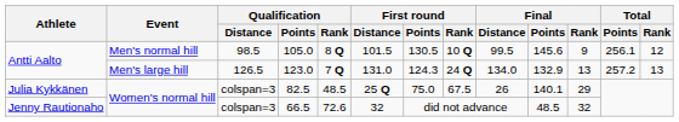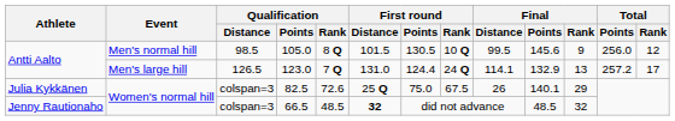 <table class=wikitable style=font-size:90%;text-align:center>
 <tr>
 <th rowspan=2>Athlete</th>
 <th rowspan=2>Event</th>
 <th colspan=3>Qualification</th>
 <th colspan=3>First round</th>
 <th colspan=3>Final</th>
 <th colspan=2>Total</th>
 </tr>
 <tr style=font-size:95%>
 <th>Distance</th>
 <th>Points</th>
 <th>Rank</th>
 <th>Distance</th>
 <th>Points</th>
 <th>Rank</th>
 <th>Distance</th>
 <th>Points</th>
 <th>Rank</th>
 <th>Points</th>
 <th>Rank</th>
 </tr>
 <tr>
 <td align=left rowspan=2><a href='#'>Antti Aalto</a></td>
 <td align=left><a href='#'>Men's normal hill</a></td>
 <td>98.5</td>
 <td>105.0</td>
 <td>8 <strong>Q</strong></td>
 <td>101.5</td>
 <td>130.5</td>
 <td>10 <strong>Q</strong></td>
 <td>99.5</td>
 <td>145.6</td>
 <td>9</td>
-<td>256.1</td>
+<td>256.0</td>
 <td>12</td>
 </tr>
 <tr>
 <td align=left><a href='#'>Men's large hill</a></td>
 <td>126.5</td>
 <td>123.0</td>
 <td>7 <strong>Q</strong></td>
 <td>131.0</td>
-<td>124.3</td>
+<td>124.4</td>
 <td>24 <strong>Q</strong></td>
-<td>134.0</td>
+<td>114.1</td>
 <td>132.9</td>
 <td>13</td>
 <td>257.2</td>
-<td>13</td>
+<td>17</td>
 </tr>
 <tr>
 <td align=left><a href='#'>Julia Kykkänen</a></td>
 <td align=left rowspan=2><a href='#'>Women's normal hill</a></td>
 <td>colspan=3 </td>
 <td>82.5</td>
-<td>48.5</td>
+<td>72.6</td>
 <td>25 <strong>Q</strong></td>
 <td>75.0</td>
 <td>67.5</td>
 <td>26</td>
 <td>140.1</td>
 <td>29</td>
 </tr>
 <tr>
 <td align=left><a href='#'>Jenny Rautionaho</a></td>
 <td>colspan=3 </td>
 <td>66.5</td>
-<td>72.6</td>
-<td>32</td>
+<td>48.5</td>
+<td><strong>32</strong></td>
 <td colspan=3>did not advance</td>
 <td>48.5</td>
 <td>32</td>
 </tr>
 </table>
